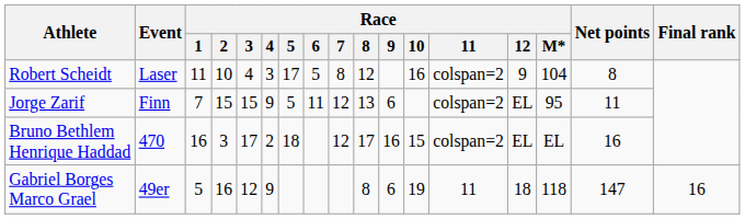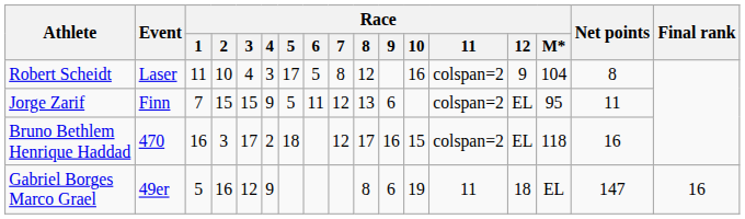 <table class="wikitable" style="font-size:90%">
 <tr>
 <th rowspan="2">Athlete</th>
 <th rowspan="2">Event</th>
 <th colspan=13>Race</th>
 <th rowspan=2>Net points</th>
 <th rowspan=2>Final rank</th>
 </tr>
 <tr style="font-size:95%">
 <th>1</th>
 <th>2</th>
 <th>3</th>
 <th>4</th>
 <th>5</th>
 <th>6</th>
 <th>7</th>
 <th>8</th>
 <th>9</th>
 <th>10</th>
 <th>11</th>
 <th>12</th>
 <th>M*</th>
 </tr>
 <tr align=center>
 <td align=left><a href='#'>Robert Scheidt</a></td>
 <td align=left><a href='#'>Laser</a></td>
 <td>11</td>
 <td>10</td>
 <td>4</td>
 <td>3</td>
 <td>17</td>
 <td>5</td>
 <td>8</td>
 <td>12</td>
 <td></td>
 <td>16</td>
 <td>colspan=2 </td>
 <td>9</td>
 <td>104</td>
 <td>8</td>
 </tr>
 <tr align=center>
 <td align=left><a href='#'>Jorge Zarif</a></td>
 <td align=left><a href='#'>Finn</a></td>
 <td>7</td>
 <td>15</td>
 <td>15</td>
 <td>9</td>
 <td>5</td>
 <td>11</td>
 <td>12</td>
 <td>13</td>
 <td>6</td>
 <td></td>
 <td>colspan=2 </td>
 <td>EL</td>
 <td>95</td>
 <td>11</td>
 </tr>
 <tr align=center>
 <td align=left><a href='#'>Bruno Bethlem</a><br><a href='#'>Henrique Haddad</a></td>
 <td align=left><a href='#'>470</a></td>
 <td>16</td>
 <td>3</td>
 <td>17</td>
 <td>2</td>
 <td>18</td>
 <td></td>
 <td>12</td>
 <td>17</td>
 <td>16</td>
 <td>15</td>
 <td>colspan=2 </td>
 <td>EL</td>
-<td>EL</td>
+<td>118</td>
 <td>16</td>
 </tr>
 <tr align=center>
 <td align=left><a href='#'>Gabriel Borges</a><br><a href='#'>Marco Grael</a></td>
 <td align=left><a href='#'>49er</a></td>
 <td>5</td>
 <td>16</td>
 <td>12</td>
 <td>9</td>
 <td></td>
 <td></td>
 <td></td>
 <td>8</td>
 <td>6</td>
 <td>19</td>
 <td>11</td>
 <td>18</td>
-<td>118</td>
+<td>EL</td>
 <td>147</td>
 <td>16</td>
 </tr>
 </table>
